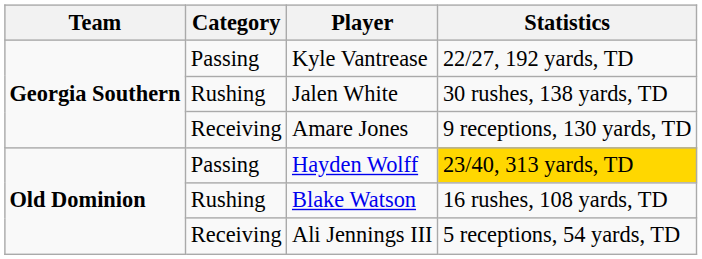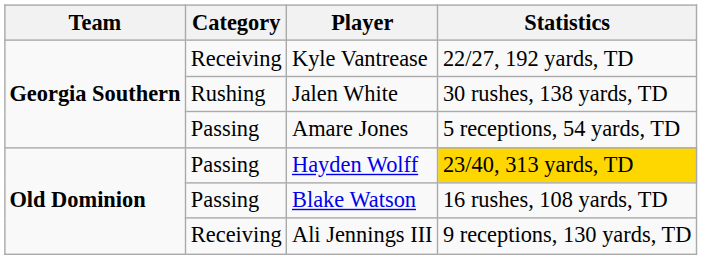 <table class="wikitable" style="float: right;">
 <tr>
 <th>Team</th>
 <th>Category</th>
 <th>Player</th>
 <th>Statistics</th>
 </tr>
 <tr>
 <td rowspan=3><strong>Georgia Southern</strong></td>
-<td>Passing</td>
+<td>Receiving</td>
 <td>Kyle Vantrease</td>
 <td>22/27, 192 yards, TD</td>
 </tr>
 <tr>
 <td>Rushing</td>
 <td>Jalen White</td>
 <td>30 rushes, 138 yards, TD</td>
 </tr>
 <tr>
-<td>Receiving</td>
+<td>Passing</td>
 <td>Amare Jones</td>
-<td>9 receptions, 130 yards, TD</td>
+<td>5 receptions, 54 yards, TD</td>
 </tr>
 <tr>
 <td rowspan=3><strong>Old Dominion</strong></td>
 <td>Passing</td>
 <td><a href='#'>Hayden Wolff</a></td>
 <td style="background: gold;">23/40, 313 yards, TD</td>
 </tr>
 <tr>
-<td>Rushing</td>
+<td>Passing</td>
 <td><a href='#'>Blake Watson</a></td>
 <td>16 rushes, 108 yards, TD</td>
 </tr>
 <tr>
 <td>Receiving</td>
 <td>Ali Jennings III</td>
-<td>5 receptions, 54 yards, TD</td>
+<td>9 receptions, 130 yards, TD</td>
 </tr>
 </table>
